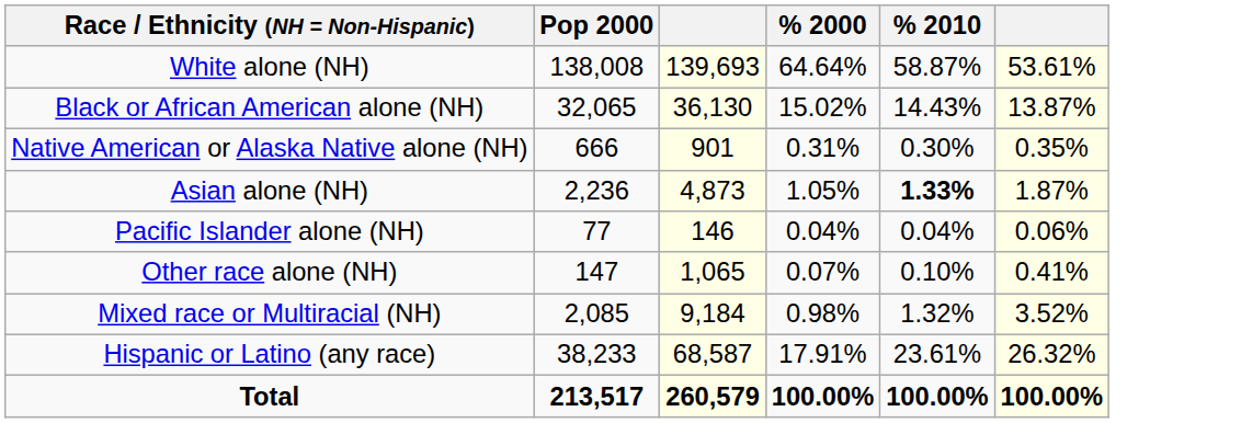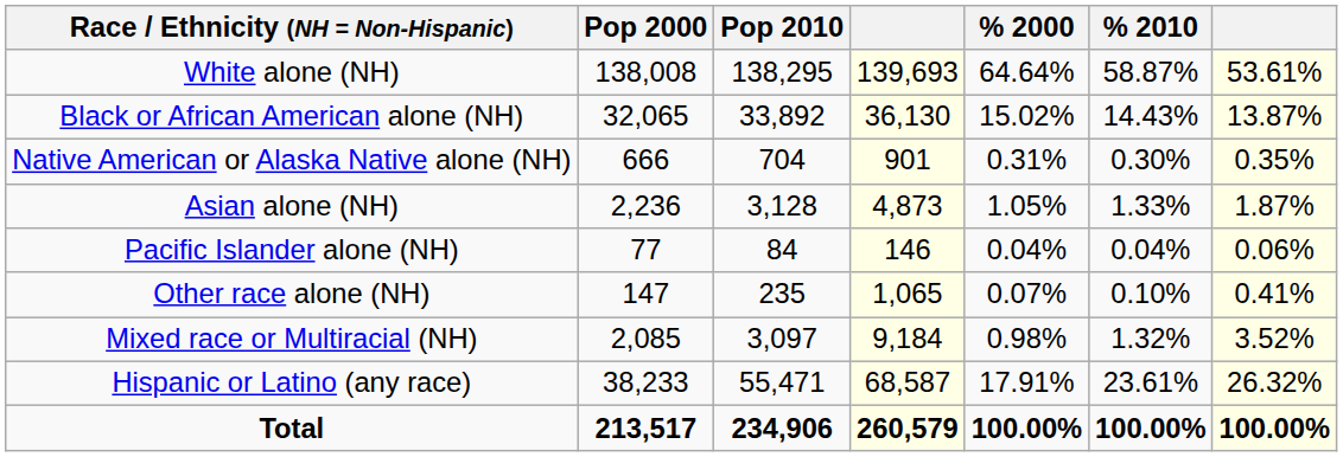 <table class="wikitable" style="text-align:center;">
 <tr>
 <th>Race / Ethnicity <small>(<em>NH = Non-Hispanic</em>)</small></th>
 <th>Pop 2000</th>
+<th>Pop 2010</th>
 <th></th>
 <th>% 2000</th>
 <th>% 2010</th>
 <th></th>
 </tr>
 <tr>
 <td><a href='#'>White</a> alone (NH)</td>
 <td>138,008</td>
+<td>138,295</td>
 <td style='background: #ffffe6;'>139,693</td>
 <td>64.64%</td>
 <td>58.87%</td>
 <td style='background: #ffffe6;'>53.61%</td>
 </tr>
 <tr>
 <td><a href='#'>Black or African American</a> alone (NH)</td>
 <td>32,065</td>
+<td>33,892</td>
 <td style='background: #ffffe6;'>36,130</td>
 <td>15.02%</td>
 <td>14.43%</td>
 <td style='background: #ffffe6;'>13.87%</td>
 </tr>
 <tr>
 <td><a href='#'>Native American</a> or <a href='#'>Alaska Native</a> alone (NH)</td>
 <td>666</td>
+<td>704</td>
 <td style='background: #ffffe6;'>901</td>
 <td>0.31%</td>
 <td>0.30%</td>
 <td style='background: #ffffe6;'>0.35%</td>
 </tr>
 <tr>
 <td><a href='#'>Asian</a> alone (NH)</td>
 <td>2,236</td>
+<td>3,128</td>
 <td style='background: #ffffe6;'>4,873</td>
 <td>1.05%</td>
-<td><strong>1.33%</strong></td>
+<td>1.33%</td>
 <td style='background: #ffffe6;'>1.87%</td>
 </tr>
 <tr>
 <td><a href='#'>Pacific Islander</a> alone (NH)</td>
 <td>77</td>
+<td>84</td>
 <td style='background: #ffffe6;'>146</td>
 <td>0.04%</td>
 <td>0.04%</td>
 <td style='background: #ffffe6;'>0.06%</td>
 </tr>
 <tr>
 <td><a href='#'>Other race</a> alone (NH)</td>
 <td>147</td>
+<td>235</td>
 <td style='background: #ffffe6;'>1,065</td>
 <td>0.07%</td>
 <td>0.10%</td>
 <td style='background: #ffffe6;'>0.41%</td>
 </tr>
 <tr>
 <td><a href='#'>Mixed race or Multiracial</a> (NH)</td>
 <td>2,085</td>
+<td>3,097</td>
 <td style='background: #ffffe6;'>9,184</td>
 <td>0.98%</td>
 <td>1.32%</td>
 <td style='background: #ffffe6;'>3.52%</td>
 </tr>
 <tr>
 <td><a href='#'>Hispanic or Latino</a> (any race)</td>
 <td>38,233</td>
+<td>55,471</td>
 <td style='background: #ffffe6;'>68,587</td>
 <td>17.91%</td>
 <td>23.61%</td>
 <td style='background: #ffffe6;'>26.32%</td>
 </tr>
 <tr>
 <td><strong>Total</strong></td>
 <td><strong>213,517</strong></td>
+<td><strong>234,906</strong></td>
 <td style='background: #ffffe6;'><strong>260,579</strong></td>
 <td><strong>100.00%</strong></td>
 <td><strong>100.00%</strong></td>
 <td style='background: #ffffe6;'><strong>100.00%</strong></td>
 </tr>
 </table>
